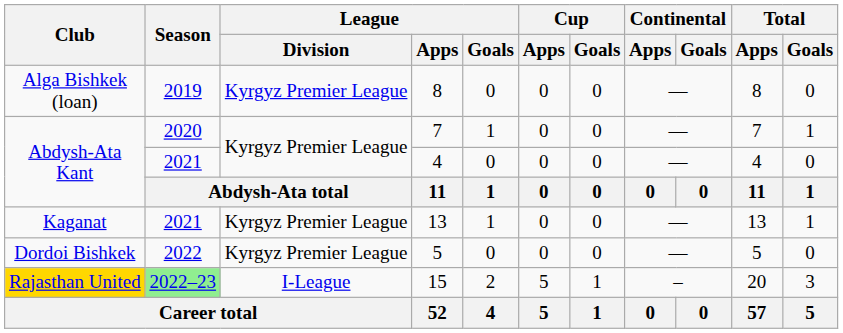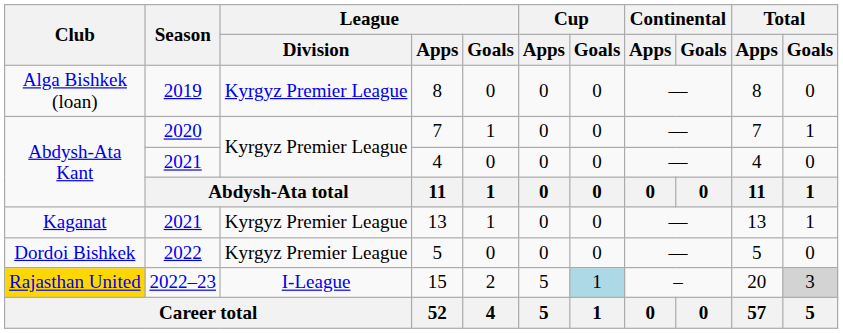 <table class="wikitable" style="text-align:center">
 <tr>
 <th rowspan="2">Club</th>
 <th rowspan="2">Season</th>
 <th colspan="3">League</th>
 <th colspan="2">Cup</th>
 <th colspan="2">Continental</th>
 <th colspan="2">Total</th>
 </tr>
 <tr>
 <th>Division</th>
 <th>Apps</th>
 <th>Goals</th>
 <th>Apps</th>
 <th>Goals</th>
 <th>Apps</th>
 <th>Goals</th>
 <th>Apps</th>
 <th>Goals</th>
 </tr>
 <tr>
 <td><a href='#'>Alga Bishkek</a> <br>(loan)</td>
 <td><a href='#'>2019</a></td>
 <td><a href='#'>Kyrgyz Premier League</a></td>
 <td>8</td>
 <td>0</td>
 <td>0</td>
 <td>0</td>
 <td colspan="2">—</td>
 <td>8</td>
 <td>0</td>
 </tr>
 <tr>
 <td rowspan="3"><a href='#'>Abdysh-Ata <br>Kant</a></td>
 <td><a href='#'>2020</a></td>
 <td rowspan="2">Kyrgyz Premier League</td>
 <td>7</td>
 <td>1</td>
 <td>0</td>
 <td>0</td>
 <td colspan="2">—</td>
 <td>7</td>
 <td>1</td>
 </tr>
 <tr>
 <td><a href='#'>2021</a></td>
 <td>4</td>
 <td>0</td>
 <td>0</td>
 <td>0</td>
 <td colspan="2">—</td>
 <td>4</td>
 <td>0</td>
 </tr>
 <tr>
 <th colspan="2">Abdysh-Ata total</th>
 <th>11</th>
 <th>1</th>
 <th>0</th>
 <th>0</th>
 <th>0</th>
 <th>0</th>
 <th>11</th>
 <th>1</th>
 </tr>
 <tr>
 <td><a href='#'>Kaganat</a></td>
 <td><a href='#'>2021</a></td>
 <td>Kyrgyz Premier League</td>
 <td>13</td>
 <td>1</td>
 <td>0</td>
 <td>0</td>
 <td colspan="2">—</td>
 <td>13</td>
 <td>1</td>
 </tr>
 <tr>
 <td><a href='#'>Dordoi Bishkek</a></td>
 <td><a href='#'>2022</a></td>
 <td>Kyrgyz Premier League</td>
 <td>5</td>
 <td>0</td>
 <td>0</td>
 <td>0</td>
 <td colspan="2">—</td>
 <td>5</td>
 <td>0</td>
 </tr>
 <tr>
 <td style="background: gold;"><a href='#'>Rajasthan United</a></td>
-<td style="background: lightgreen;"><a href='#'>2022–23</a></td>
+<td><a href='#'>2022–23</a></td>
 <td><a href='#'>I-League</a></td>
 <td>15</td>
 <td>2</td>
 <td>5</td>
-<td>1</td>
+<td style="background: lightblue;">1</td>
 <td colspan="2">–</td>
 <td>20</td>
-<td>3</td>
+<td style="background: lightgrey;">3</td>
 </tr>
 <tr>
 <th colspan="3">Career total</th>
 <th>52</th>
 <th>4</th>
 <th>5</th>
 <th>1</th>
 <th>0</th>
 <th>0</th>
 <th>57</th>
 <th>5</th>
 </tr>
 </table>
